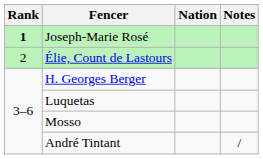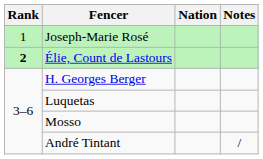 <table class="wikitable sortable" style="text-align:center">
 <tr>
 <th>Rank</th>
 <th>Fencer</th>
 <th>Nation</th>
 <th>Notes</th>
 </tr>
 <tr bgcolor=bbf3bb>
-<td><strong>1</strong></td>
+<td>1</td>
 <td align=left>Joseph-Marie Rosé</td>
 <td align=left></td>
 <td></td>
 </tr>
 <tr bgcolor=bbf3bb>
-<td>2</td>
+<td><strong>2</strong></td>
 <td align=left><a href='#'>Élie, Count de Lastours</a></td>
 <td align=left></td>
 <td></td>
 </tr>
 <tr>
 <td rowspan=4 align=center>3–6</td>
 <td align=left><a href='#'>H. Georges Berger</a></td>
 <td align=left></td>
 <td></td>
 </tr>
 <tr>
 <td align=left>Luquetas</td>
 <td align=left></td>
 <td></td>
 </tr>
 <tr>
 <td align=left>Mosso</td>
 <td align=left></td>
 <td></td>
 </tr>
 <tr>
 <td align=left>André Tintant</td>
 <td align=left></td>
 <td>/</td>
 </tr>
 </table>
